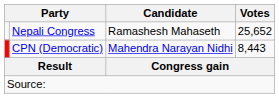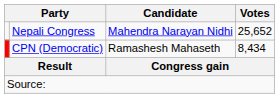 <table class="wikitable">
 <tr>
 <th colspan="2">Party</th>
 <th>Candidate</th>
 <th>Votes</th>
 </tr>
 <tr>
 <td style="background-color:"></td>
 <td><a href='#'>Nepali Congress</a></td>
-<td>Ramashesh Mahaseth</td>
+<td><a href='#'>Mahendra Narayan Nidhi</a></td>
 <td>25,652</td>
 </tr>
 <tr>
 <td style="background-color:red"></td>
 <td><a href='#'>CPN (Democratic)</a></td>
-<td><a href='#'>Mahendra Narayan Nidhi</a></td>
-<td>8,443</td>
+<td>Ramashesh Mahaseth</td>
+<td>8,434</td>
 </tr>
 <tr>
 <th colspan="2">Result</th>
 <th colspan="2">Congress gain</th>
 </tr>
 <tr>
 <td colspan="4">Source: </td>
 </tr>
 </table>
